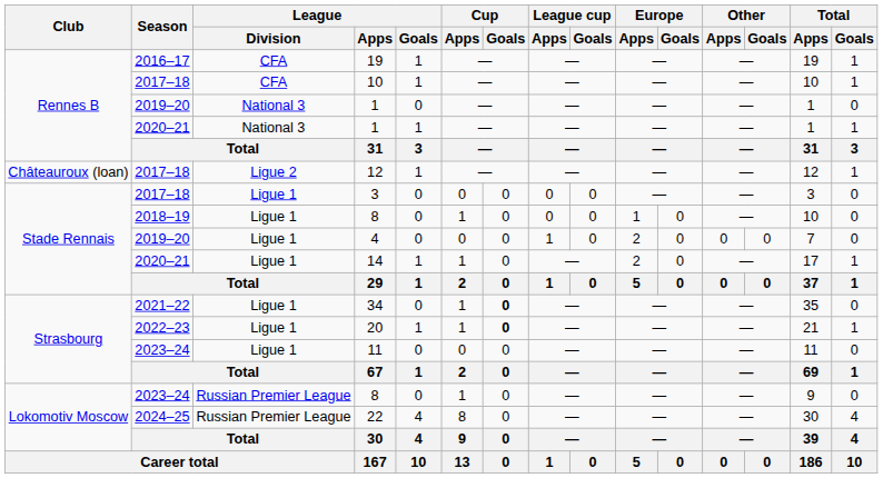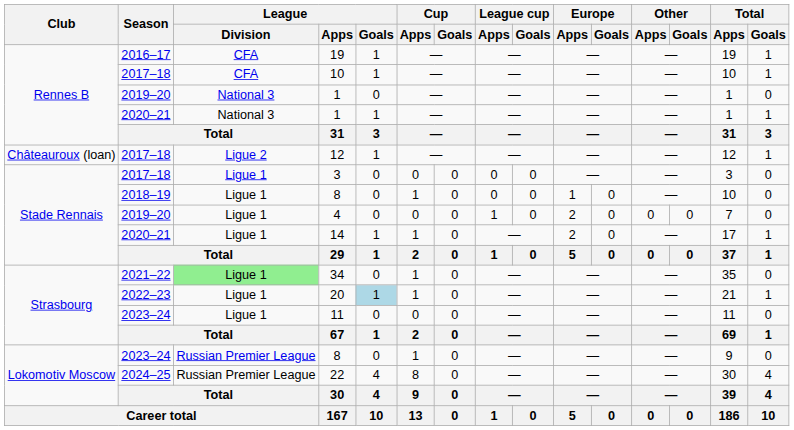 <table class="wikitable" style="text-align: center">
 <tr>
 <th rowspan="2">Club</th>
 <th rowspan="2">Season</th>
 <th colspan="3">League</th>
 <th colspan="2">Cup</th>
 <th colspan="2">League cup</th>
 <th colspan="2">Europe</th>
 <th colspan="2">Other</th>
 <th colspan="2">Total</th>
 </tr>
 <tr>
 <th>Division</th>
 <th>Apps</th>
 <th>Goals</th>
 <th>Apps</th>
 <th>Goals</th>
 <th>Apps</th>
 <th>Goals</th>
 <th>Apps</th>
 <th>Goals</th>
 <th>Apps</th>
 <th>Goals</th>
 <th>Apps</th>
 <th>Goals</th>
 </tr>
 <tr>
 <td rowspan="5"><a href='#'>Rennes B</a></td>
 <td><a href='#'>2016–17</a></td>
 <td><a href='#'>CFA</a></td>
 <td>19</td>
 <td>1</td>
 <td colspan="2">—</td>
 <td colspan="2">—</td>
 <td colspan="2">—</td>
 <td colspan="2">—</td>
 <td>19</td>
 <td>1</td>
 </tr>
 <tr>
 <td><a href='#'>2017–18</a></td>
 <td><a href='#'>CFA</a></td>
 <td>10</td>
 <td>1</td>
 <td colspan="2">—</td>
 <td colspan="2">—</td>
 <td colspan="2">—</td>
 <td colspan="2">—</td>
 <td>10</td>
 <td>1</td>
 </tr>
 <tr>
 <td><a href='#'>2019–20</a></td>
 <td><a href='#'>National 3</a></td>
 <td>1</td>
 <td>0</td>
 <td colspan="2">—</td>
 <td colspan="2">—</td>
 <td colspan="2">—</td>
 <td colspan="2">—</td>
 <td>1</td>
 <td>0</td>
 </tr>
 <tr>
 <td><a href='#'>2020–21</a></td>
 <td>National 3</td>
 <td>1</td>
 <td>1</td>
 <td colspan="2">—</td>
 <td colspan="2">—</td>
 <td colspan="2">—</td>
 <td colspan="2">—</td>
 <td>1</td>
 <td>1</td>
 </tr>
 <tr>
 <th colspan="2">Total</th>
 <th>31</th>
 <th>3</th>
 <th colspan="2">—</th>
 <th colspan="2">—</th>
 <th colspan="2">—</th>
 <th colspan="2">—</th>
 <th>31</th>
 <th>3</th>
 </tr>
 <tr>
 <td><a href='#'>Châteauroux</a> (loan)</td>
 <td><a href='#'>2017–18</a></td>
 <td><a href='#'>Ligue 2</a></td>
 <td>12</td>
 <td>1</td>
 <td colspan="2">—</td>
 <td colspan="2">—</td>
 <td colspan="2">—</td>
 <td colspan="2">—</td>
 <td>12</td>
 <td>1</td>
 </tr>
 <tr>
 <td rowspan="5"><a href='#'>Stade Rennais</a></td>
 <td><a href='#'>2017–18</a></td>
 <td><a href='#'>Ligue 1</a></td>
 <td>3</td>
 <td>0</td>
 <td>0</td>
 <td>0</td>
 <td>0</td>
 <td>0</td>
 <td colspan="2">—</td>
 <td colspan="2">—</td>
 <td>3</td>
 <td>0</td>
 </tr>
 <tr>
 <td><a href='#'>2018–19</a></td>
 <td>Ligue 1</td>
 <td>8</td>
 <td>0</td>
 <td>1</td>
 <td>0</td>
 <td>0</td>
 <td>0</td>
 <td>1</td>
 <td>0</td>
 <td colspan="2">—</td>
 <td>10</td>
 <td>0</td>
 </tr>
 <tr>
 <td><a href='#'>2019–20</a></td>
 <td>Ligue 1</td>
 <td>4</td>
 <td>0</td>
 <td>0</td>
 <td>0</td>
 <td>1</td>
 <td>0</td>
 <td>2</td>
 <td>0</td>
 <td>0</td>
 <td>0</td>
 <td>7</td>
 <td>0</td>
 </tr>
 <tr>
 <td><a href='#'>2020–21</a></td>
 <td>Ligue 1</td>
 <td>14</td>
 <td>1</td>
 <td>1</td>
 <td>0</td>
 <td colspan="2">—</td>
 <td>2</td>
 <td>0</td>
 <td colspan="2">—</td>
 <td>17</td>
 <td>1</td>
 </tr>
 <tr>
 <th colspan="2">Total</th>
 <th>29</th>
 <th>1</th>
 <th>2</th>
 <th>0</th>
 <th>1</th>
 <th>0</th>
 <th>5</th>
 <th>0</th>
 <th>0</th>
 <th>0</th>
 <th>37</th>
 <th>1</th>
 </tr>
 <tr>
 <td rowspan="4"><a href='#'>Strasbourg</a></td>
 <td><a href='#'>2021–22</a></td>
-<td>Ligue 1</td>
+<td style="background: lightgreen;">Ligue 1</td>
 <td>34</td>
 <td>0</td>
 <td>1</td>
-<td><strong>0</strong></td>
+<td>0</td>
 <td colspan="2">—</td>
 <td colspan="2">—</td>
 <td colspan="2">—</td>
 <td>35</td>
 <td>0</td>
 </tr>
 <tr>
 <td><a href='#'>2022–23</a></td>
 <td>Ligue 1</td>
 <td>20</td>
+<td style="background: lightblue;">1</td>
 <td>1</td>
-<td>1</td>
-<td><strong>0</strong></td>
+<td>0</td>
 <td colspan="2">—</td>
 <td colspan="2">—</td>
 <td colspan="2">—</td>
 <td>21</td>
 <td>1</td>
 </tr>
 <tr>
 <td><a href='#'>2023–24</a></td>
 <td>Ligue 1</td>
 <td>11</td>
 <td>0</td>
 <td>0</td>
 <td>0</td>
 <td colspan="2">—</td>
 <td colspan="2">—</td>
 <td colspan="2">—</td>
 <td>11</td>
 <td>0</td>
 </tr>
 <tr>
 <th colspan="2">Total</th>
 <th>67</th>
 <th>1</th>
 <th>2</th>
 <th>0</th>
 <th colspan="2">—</th>
 <th colspan="2">—</th>
 <th colspan="2">—</th>
 <th>69</th>
 <th>1</th>
 </tr>
 <tr>
 <td rowspan="3"><a href='#'>Lokomotiv Moscow</a></td>
 <td><a href='#'>2023–24</a></td>
 <td><a href='#'>Russian Premier League</a></td>
 <td>8</td>
 <td>0</td>
 <td>1</td>
 <td>0</td>
 <td colspan="2">—</td>
 <td colspan="2">—</td>
 <td colspan="2">—</td>
 <td>9</td>
 <td>0</td>
 </tr>
 <tr>
 <td><a href='#'>2024–25</a></td>
 <td>Russian Premier League</td>
 <td>22</td>
 <td>4</td>
 <td>8</td>
 <td>0</td>
 <td colspan="2">—</td>
 <td colspan="2">—</td>
 <td colspan="2">—</td>
 <td>30</td>
 <td>4</td>
 </tr>
 <tr>
 <th colspan="2">Total</th>
 <th>30</th>
 <th>4</th>
 <th>9</th>
 <th>0</th>
 <th colspan=2>—</th>
 <th colspan=2>—</th>
 <th colspan="2">—</th>
 <th>39</th>
 <th>4</th>
 </tr>
 <tr>
 <th colspan="3">Career total</th>
 <th>167</th>
 <th>10</th>
 <th>13</th>
 <th>0</th>
 <th>1</th>
 <th>0</th>
 <th>5</th>
 <th>0</th>
 <th>0</th>
 <th>0</th>
 <th>186</th>
 <th>10</th>
 </tr>
 </table>
